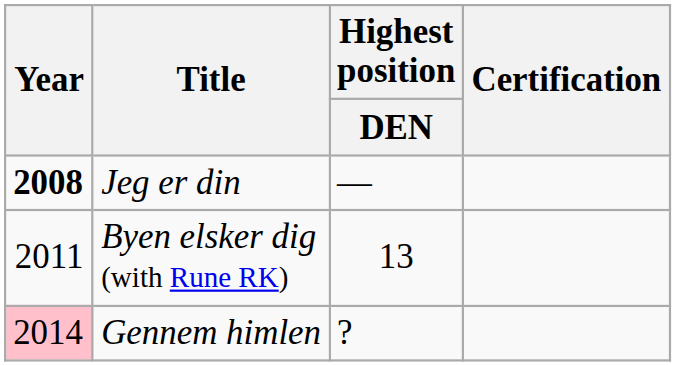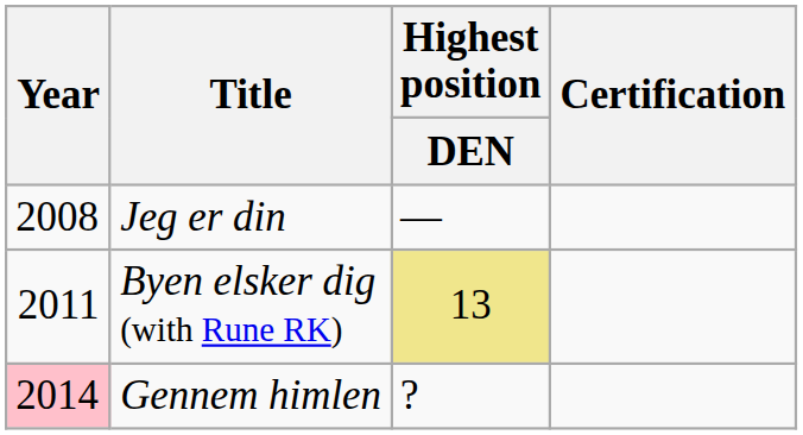 <table class="wikitable">
 <tr>
 <th width="33" rowspan="2" style="text-align:center;">Year</th>
 <th rowspan="2">Title</th>
 <th colspan="1">Highest <br>position</th>
 <th rowspan="2">Certification</th>
 </tr>
 <tr>
 <th align="center">DEN<br></th>
 </tr>
 <tr>
-<td><strong>2008</strong></td>
+<td>2008</td>
 <td><em>Jeg er din</em></td>
 <td>—</td>
 <td></td>
 </tr>
 <tr>
 <td align="center">2011</td>
 <td><em>Byen elsker dig</em> <br><small>(with <a href='#'>Rune RK</a>)</small></td>
-<td align="center">13</td>
+<td align="center" style="background: khaki;">13</td>
 <td></td>
 </tr>
 <tr>
 <td style="background: pink;">2014</td>
 <td><em>Gennem himlen</em></td>
 <td>?</td>
 <td></td>
 </tr>
 </table>
